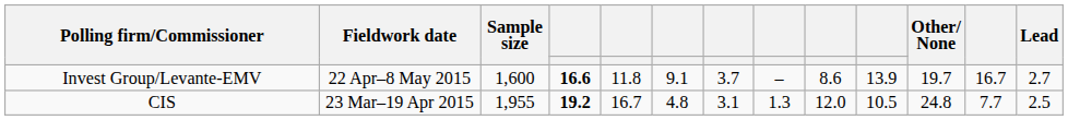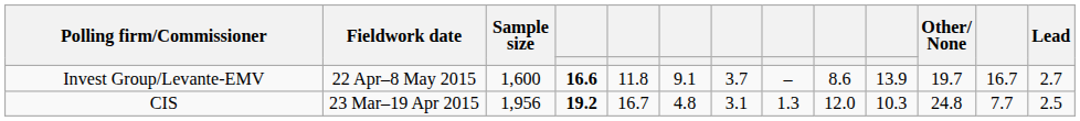 <table class="wikitable collapsible collapsed" style="text-align:center; font-size:90%; line-height:14px;">
 <tr style="height:42px;">
 <th style="width:250px;" rowspan="2">Polling firm/Commissioner</th>
 <th style="width:125px;" rowspan="2">Fieldwork date</th>
 <th style="width:50px;" rowspan="2">Sample size</th>
 <th style="width:35px;"></th>
 <th style="width:35px;"></th>
 <th style="width:35px;"></th>
 <th style="width:35px;"></th>
 <th style="width:35px;"></th>
 <th style="width:35px;"></th>
 <th style="width:35px;"></th>
 <th style="width:35px;" rowspan="2">Other/<br>None</th>
 <th style="width:35px;" rowspan="2"></th>
 <th style="width:30px;" rowspan="2">Lead</th>
 </tr>
 <tr>
 <th style="color:inherit;background:"></th>
 <th style="color:inherit;background:"></th>
 <th style="color:inherit;background:"></th>
 <th style="color:inherit;background:"></th>
 <th style="color:inherit;background:"></th>
 <th style="color:inherit;background:"></th>
 <th style="color:inherit;background:"></th>
 </tr>
 <tr>
 <td>Invest Group/Levante-EMV</td>
 <td>22 Apr–8 May 2015</td>
 <td>1,600</td>
 <td><strong>16.6</strong></td>
 <td>11.8</td>
 <td>9.1</td>
 <td>3.7</td>
 <td>–</td>
 <td>8.6</td>
 <td>13.9</td>
 <td>19.7</td>
 <td>16.7</td>
 <td style="background:">2.7</td>
 </tr>
 <tr>
 <td>CIS</td>
 <td>23 Mar–19 Apr 2015</td>
-<td>1,955</td>
+<td>1,956</td>
 <td><strong>19.2</strong></td>
 <td>16.7</td>
 <td>4.8</td>
 <td>3.1</td>
 <td>1.3</td>
 <td>12.0</td>
-<td>10.5</td>
+<td>10.3</td>
 <td>24.8</td>
 <td>7.7</td>
 <td style="background:">2.5</td>
 </tr>
 </table>
